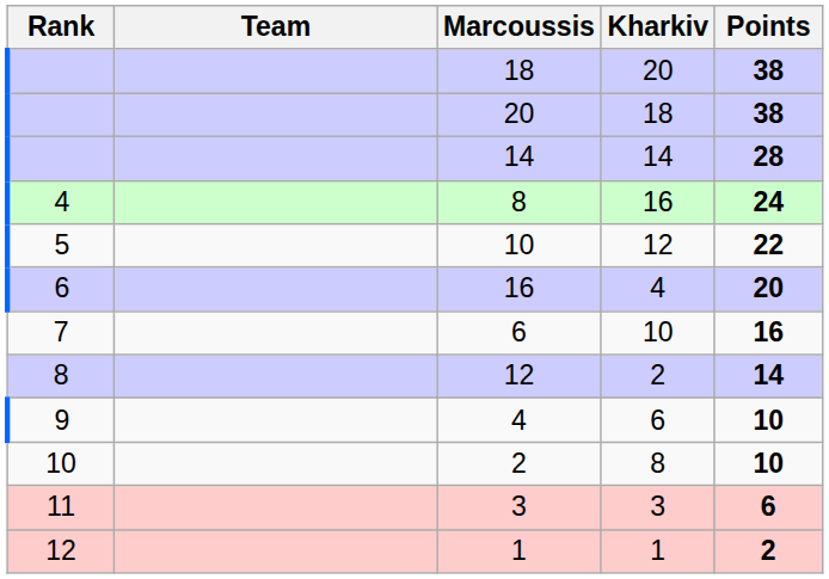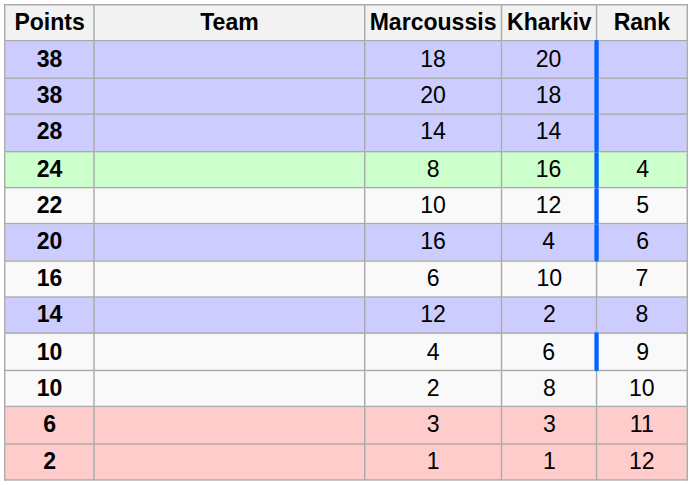 <table class="wikitable" style="text-align: center;">
 <tr>
-<th width=55>Rank</th>
+<th width=55>Points</th>
 <th width=180>Team</th>
 <th width=55>Marcoussis</th>
 <th width=55>Kharkiv</th>
-<th width=55>Points</th>
+<th width=55>Rank</th>
 </tr>
 <tr bgcolor=ccccff>
-<td style="border-left:3px solid #06f;"></td>
+<td><strong>38</strong></td>
 <td align=left></td>
 <td>18</td>
 <td>20</td>
-<td><strong>38</strong></td>
+<td style="border-left:3px solid #06f;"></td>
 </tr>
 <tr bgcolor=ccccff>
-<td style="border-left:3px solid #06f;"></td>
+<td><strong>38</strong></td>
 <td align=left></td>
 <td>20</td>
 <td>18</td>
-<td><strong>38</strong></td>
+<td style="border-left:3px solid #06f;"></td>
 </tr>
 <tr bgcolor=ccccff>
-<td style="border-left:3px solid #06f;"></td>
+<td><strong>28</strong></td>
 <td align=left></td>
 <td>14</td>
 <td>14</td>
-<td><strong>28</strong></td>
+<td style="border-left:3px solid #06f;"></td>
 </tr>
 <tr bgcolor=ccffcc>
-<td style="border-left:3px solid #06f;">4</td>
+<td><strong>24</strong></td>
 <td align=left></td>
 <td>8</td>
 <td>16</td>
-<td><strong>24</strong></td>
+<td style="border-left:3px solid #06f;">4</td>
 </tr>
 <tr>
-<td style="border-left:3px solid #06f;">5</td>
+<td><strong>22</strong></td>
 <td align=left></td>
 <td>10</td>
 <td>12</td>
-<td><strong>22</strong></td>
+<td style="border-left:3px solid #06f;">5</td>
 </tr>
 <tr bgcolor=ccccff>
-<td style="border-left:3px solid #06f;">6</td>
+<td><strong>20</strong></td>
 <td align=left></td>
 <td>16</td>
 <td>4</td>
-<td><strong>20</strong></td>
+<td style="border-left:3px solid #06f;">6</td>
 </tr>
 <tr>
-<td>7</td>
+<td><strong>16</strong></td>
 <td align=left></td>
 <td>6</td>
 <td>10</td>
-<td><strong>16</strong></td>
+<td>7</td>
 </tr>
 <tr bgcolor=ccccff>
-<td>8</td>
+<td><strong>14</strong></td>
 <td align=left></td>
 <td>12</td>
 <td>2</td>
-<td><strong>14</strong></td>
+<td>8</td>
 </tr>
 <tr>
-<td style="border-left:3px solid #06f;">9</td>
+<td><strong>10</strong></td>
 <td align=left></td>
 <td>4</td>
 <td>6</td>
-<td><strong>10</strong></td>
+<td style="border-left:3px solid #06f;">9</td>
 </tr>
 <tr>
-<td>10</td>
+<td><strong>10</strong></td>
 <td align=left></td>
 <td>2</td>
 <td>8</td>
-<td><strong>10</strong></td>
+<td>10</td>
 </tr>
 <tr bgcolor=#ffcccc>
-<td>11</td>
+<td><strong>6</strong></td>
 <td align=left></td>
 <td>3</td>
 <td>3</td>
-<td><strong>6</strong></td>
+<td>11</td>
 </tr>
 <tr bgcolor=#ffcccc>
-<td>12</td>
+<td><strong>2</strong></td>
 <td align=left></td>
 <td>1</td>
 <td>1</td>
-<td><strong>2</strong></td>
+<td>12</td>
 </tr>
 </table>
